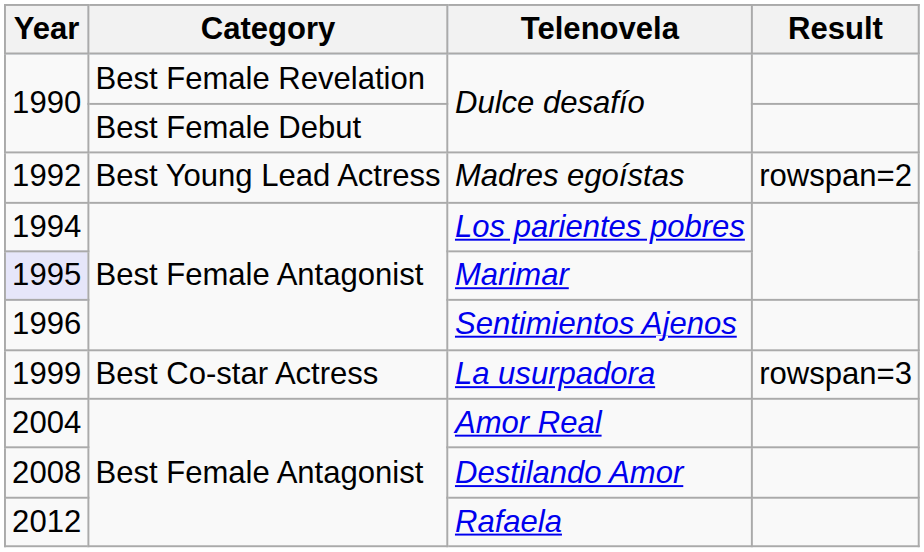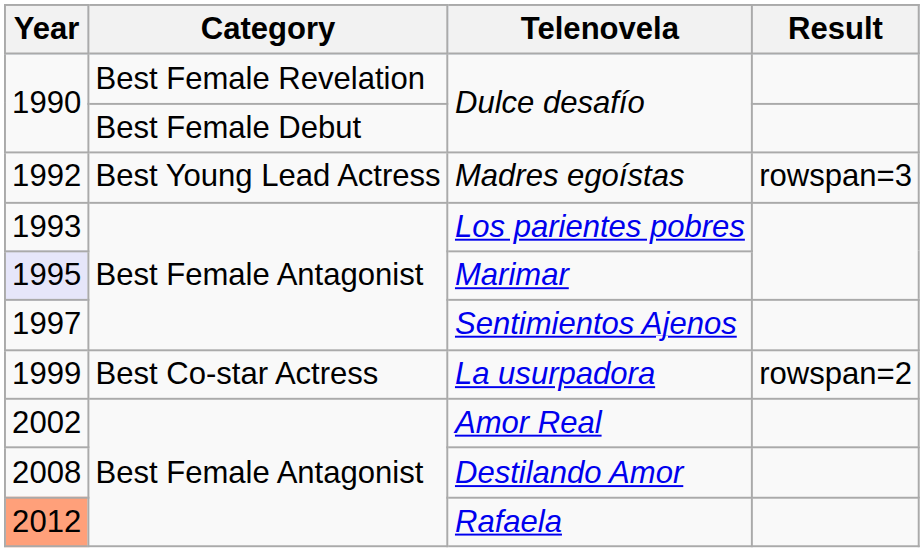 <table class="wikitable">
 <tr style="background:#b0c4de;">
 <th>Year</th>
 <th>Category</th>
 <th>Telenovela</th>
 <th>Result</th>
 </tr>
 <tr>
 <td rowspan=2>1990</td>
 <td>Best Female Revelation</td>
 <td rowspan=2><em>Dulce desafío</em></td>
 <td></td>
 </tr>
 <tr>
 <td>Best Female Debut</td>
 <td></td>
 </tr>
 <tr>
 <td>1992</td>
 <td>Best Young Lead Actress</td>
 <td><em>Madres egoístas</em></td>
-<td>rowspan=2 </td>
+<td>rowspan=3 </td>
 </tr>
 <tr>
-<td>1994</td>
+<td>1993</td>
 <td rowspan=3>Best Female Antagonist</td>
 <td><em><a href='#'>Los parientes pobres</a></em></td>
 </tr>
 <tr>
 <td style="background: lavender;">1995</td>
 <td><em><a href='#'>Marimar</a></em></td>
 </tr>
 <tr>
-<td>1996</td>
+<td>1997</td>
 <td><em><a href='#'>Sentimientos Ajenos</a></em></td>
 <td></td>
 </tr>
 <tr>
 <td>1999</td>
 <td>Best Co-star Actress</td>
 <td><em><a href='#'>La usurpadora</a></em></td>
-<td>rowspan=3 </td>
+<td>rowspan=2 </td>
 </tr>
 <tr>
-<td>2004</td>
+<td>2002</td>
 <td rowspan=3>Best Female Antagonist</td>
 <td><em><a href='#'>Amor Real</a></em></td>
 </tr>
 <tr>
 <td>2008</td>
 <td><em><a href='#'>Destilando Amor</a></em></td>
 <td></td>
 </tr>
 <tr>
-<td>2012</td>
+<td style="background: lightsalmon;">2012</td>
 <td><em><a href='#'>Rafaela</a></em></td>
 <td></td>
 </tr>
 </table>
